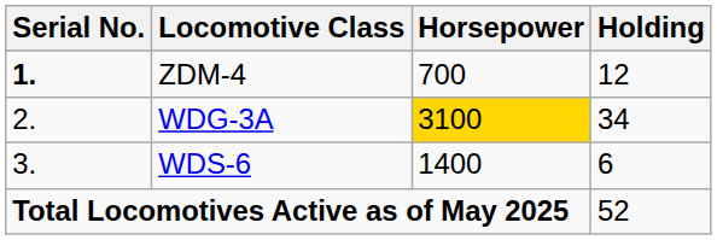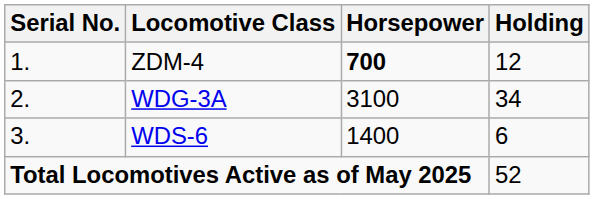 <table class="wikitable">
 <tr>
 <th>Serial No.</th>
 <th>Locomotive Class</th>
 <th>Horsepower</th>
 <th>Holding</th>
 </tr>
 <tr>
-<td><strong>1.</strong></td>
+<td>1.</td>
 <td>ZDM-4</td>
-<td>700</td>
+<td><strong>700</strong></td>
 <td>12</td>
 </tr>
 <tr>
 <td>2.</td>
 <td><a href='#'>WDG-3A</a></td>
-<td style="background: gold;">3100</td>
+<td>3100</td>
 <td>34</td>
 </tr>
 <tr>
 <td>3.</td>
 <td><a href='#'>WDS-6</a></td>
 <td>1400</td>
 <td>6</td>
 </tr>
 <tr>
 <td colspan="3"><strong>Total Locomotives Active as of May 2025</strong></td>
 <td>52</td>
 </tr>
 </table>
